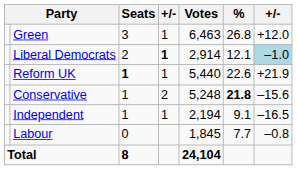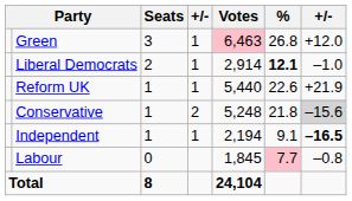 <table class="wikitable sortable">
 <tr>
 <th colspan="2">Party</th>
 <th>Seats</th>
 <th>+/-</th>
 <th>Votes</th>
 <th>%</th>
 <th>+/-</th>
 </tr>
 <tr>
 <td style="background-color: "></td>
 <td><a href='#'>Green</a></td>
 <td>3</td>
 <td> 1</td>
-<td style="text-align:right;">6,463</td>
+<td style="background: pink; text-align:right;">6,463</td>
 <td style="text-align:right;">26.8</td>
 <td style="text-align:right;">+12.0</td>
 </tr>
 <tr>
 <td style="background-color: "></td>
 <td><a href='#'>Liberal Democrats</a></td>
 <td>2</td>
-<td><strong> 1</strong></td>
+<td> 1</td>
 <td style="text-align:right;">2,914</td>
-<td style="text-align:right;">12.1</td>
-<td style="background: lightblue; text-align:right;">–1.0</td>
+<td style="text-align:right;"><strong>12.1</strong></td>
+<td style="text-align:right;">–1.0</td>
 </tr>
 <tr>
 <td style="background-color: "></td>
 <td><a href='#'>Reform UK</a></td>
-<td><strong>1</strong></td>
+<td>1</td>
 <td> 1</td>
 <td style="text-align:right;">5,440</td>
 <td style="text-align:right;">22.6</td>
 <td style="text-align:right;">+21.9</td>
 </tr>
 <tr>
 <td style="background-color: "></td>
 <td><a href='#'>Conservative</a></td>
 <td>1</td>
 <td> 2</td>
 <td style="text-align:right;">5,248</td>
-<td style="text-align:right;"><strong>21.8</strong></td>
-<td style="text-align:right;">–15.6</td>
+<td style="text-align:right;">21.8</td>
+<td style="background: lightgrey; text-align:right;">–15.6</td>
 </tr>
 <tr>
 <td style="background-color: "></td>
 <td><a href='#'>Independent</a></td>
 <td>1</td>
 <td> 1</td>
 <td style="text-align:right;">2,194</td>
 <td style="text-align:right;">9.1</td>
-<td style="text-align:right;">–16.5</td>
+<td style="text-align:right;"><strong>–16.5</strong></td>
 </tr>
 <tr>
 <td style="background-color: "></td>
 <td><a href='#'>Labour</a></td>
 <td>0</td>
 <td></td>
 <td style="text-align:right;">1,845</td>
-<td style="text-align:right;">7.7</td>
+<td style="background: pink; text-align:right;">7.7</td>
 <td style="text-align:right;">–0.8</td>
 </tr>
 <tr>
 <td colspan="2"><strong>Total</strong></td>
 <td><strong>8</strong></td>
 <td></td>
 <td style="text-align:right;"><strong>24,104</strong></td>
 <td style="text-align:right;"></td>
 <td style="text-align:right;"></td>
 </tr>
 </table>
